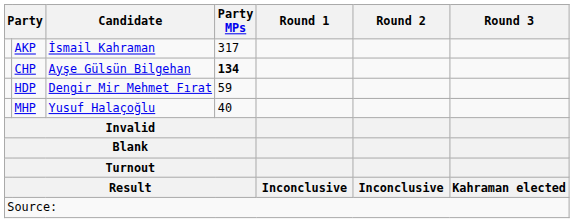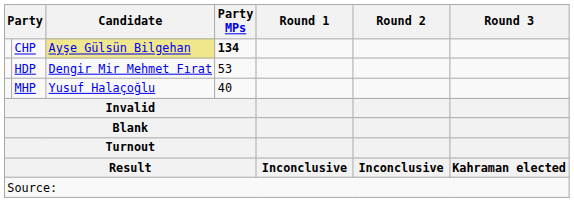 <table class=wikitable style="font-size:90%;">
 <tr>
 <th colspan="2">Party</th>
 <th>Candidate</th>
 <th>Party<br><a href='#'>MPs</a></th>
 <th width="90px">Round 1<br></th>
 <th width="90px">Round 2<br></th>
 <th width="90px">Round 3<br></th>
 </tr>
 <tr>
 <td style="background: "></td>
-<td><a href='#'>AKP</a></td>
-<td><a href='#'>İsmail Kahraman</a></td>
-<td>317</td>
-<td></td>
-<td></td>
-<td><strong></strong></td>
-</tr>
-<tr>
-<td style="background: "></td>
 <td><a href='#'>CHP</a></td>
-<td><a href='#'>Ayşe&nbsp;Gülsün&nbsp;Bilgehan</a></td>
+<td style="background: khaki;"><a href='#'>Ayşe&nbsp;Gülsün&nbsp;Bilgehan</a></td>
 <td><strong>134</strong></td>
 <td></td>
 <td></td>
 <td></td>
 </tr>
 <tr>
 <td style="background: "></td>
 <td><a href='#'>HDP</a></td>
 <td><a href='#'>Dengir Mir Mehmet Fırat</a></td>
-<td>59</td>
+<td>53</td>
 <td></td>
 <td></td>
 <td></td>
 </tr>
 <tr>
 <td style="background: "></td>
 <td><a href='#'>MHP</a></td>
 <td><a href='#'>Yusuf&nbsp;Halaçoğlu</a></td>
 <td>40</td>
 <td></td>
 <td></td>
 <td></td>
 </tr>
 <tr>
 <th colspan="4">Invalid</th>
 <th></th>
 <th></th>
 <th></th>
 </tr>
 <tr>
 <th colspan="4">Blank</th>
 <th></th>
 <th></th>
 <th></th>
 </tr>
 <tr>
 <th colspan="4"><strong>Turnout</strong></th>
 <th></th>
 <th></th>
 <th></th>
 </tr>
 <tr>
 <th colspan="4"><strong>Result</strong></th>
 <th>Inconclusive</th>
 <th>Inconclusive</th>
 <th>Kahraman elected</th>
 </tr>
 <tr>
 <td colspan="7">Source: </td>
 </tr>
 </table>
